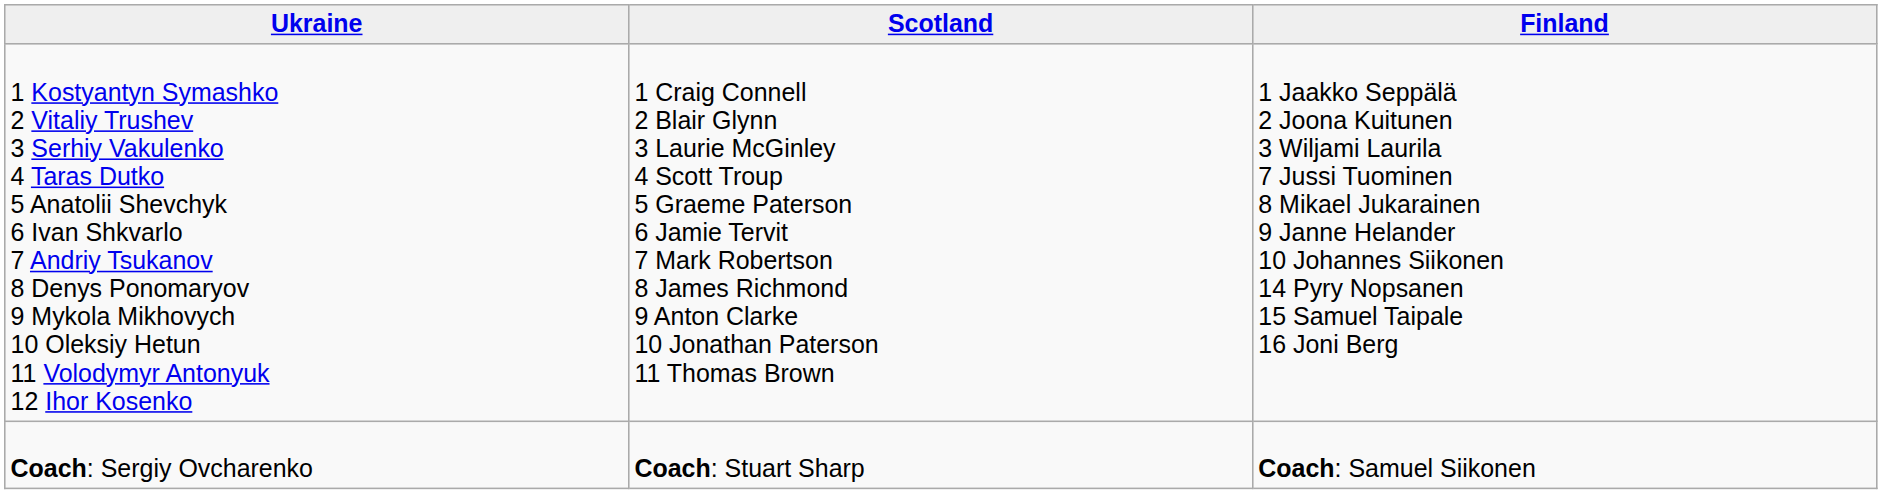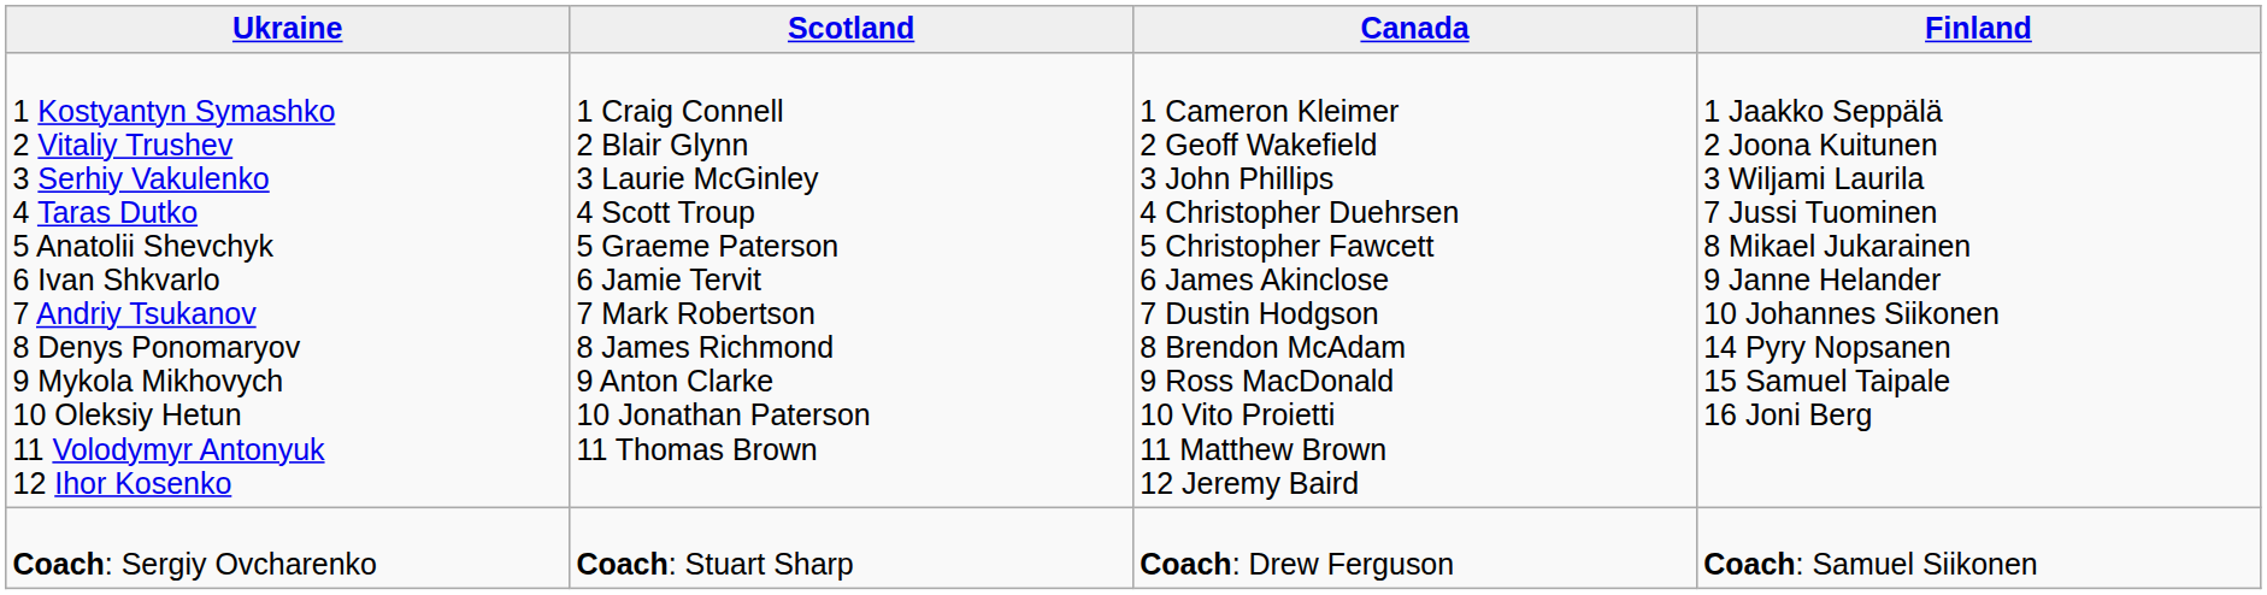 <table class="wikitable mw-collapsible mw-collapsed" cellpadding=5 cellspacing=0 style="width:95%">
 <tr align=center>
 <td bgcolor="#efefef" width="200"><strong> <a href='#'>Ukraine</a></strong></td>
 <td bgcolor="#efefef" width="200"><strong> <a href='#'>Scotland</a></strong></td>
+<td bgcolor="#efefef" width="200"><strong> <a href='#'>Canada</a></strong></td>
 <td bgcolor="#efefef" width="200"><strong> <a href='#'>Finland</a></strong></td>
 </tr>
 <tr valign=top>
 <td><br>1 <a href='#'>Kostyantyn Symashko</a><br> 2 <a href='#'>Vitaliy Trushev</a><br> 3 <a href='#'>Serhiy Vakulenko</a><br> 4 <a href='#'>Taras Dutko</a><br> 5 Anatolii Shevchyk<br> 6 Ivan Shkvarlo<br> 7 <a href='#'>Andriy Tsukanov</a><br> 8 Denys Ponomaryov<br> 9 Mykola Mikhovych<br> 10 Oleksiy Hetun<br> 11 <a href='#'>Volodymyr Antonyuk</a><br> 12 <a href='#'>Ihor Kosenko</a></td>
 <td><br>1 Craig Connell<br> 2 Blair Glynn<br> 3 Laurie McGinley<br> 4 Scott Troup<br> 5 Graeme Paterson<br> 6 Jamie Tervit<br> 7 Mark Robertson<br> 8 James Richmond<br> 9 Anton Clarke<br> 10 Jonathan Paterson<br> 11 Thomas Brown</td>
+<td><br>1 Cameron Kleimer<br> 2 Geoff Wakefield<br> 3 John Phillips<br> 4 Christopher Duehrsen<br> 5 Christopher Fawcett<br> 6 James Akinclose<br> 7 Dustin Hodgson<br> 8 Brendon McAdam<br> 9 Ross MacDonald<br> 10 Vito Proietti <br> 11 Matthew Brown<br> 12 Jeremy Baird</td>
 <td><br>1 Jaakko Seppälä<br> 2 Joona Kuitunen<br> 3 Wiljami Laurila<br> 7 Jussi Tuominen<br> 8 Mikael Jukarainen<br> 9 Janne Helander<br> 10 Johannes Siikonen<br> 14 Pyry Nopsanen<br> 15 Samuel Taipale<br> 16 Joni Berg</td>
 </tr>
 <tr valign=top>
 <td><br><strong>Coach</strong>: Sergiy Ovcharenko</td>
 <td><br><strong>Coach</strong>: Stuart Sharp</td>
+<td><br><strong>Coach</strong>: Drew Ferguson</td>
 <td><br><strong>Coach</strong>: Samuel Siikonen</td>
 </tr>
 </table>
